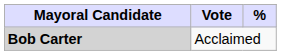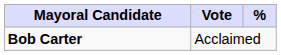 <table class="wikitable">
 <tr>
 <th style="background:#ddf; width:200px;">Mayoral Candidate</th>
 <th style="background:#ddf; width:50px;">Vote</th>
 <th style="background:#ddf; width:30px;">%</th>
 </tr>
 <tr>
-<td style="background: lightgrey;"><strong>Bob Carter</strong></td>
+<td><strong>Bob Carter</strong></td>
 <td colspan="2">Acclaimed</td>
 </tr>
 </table>
